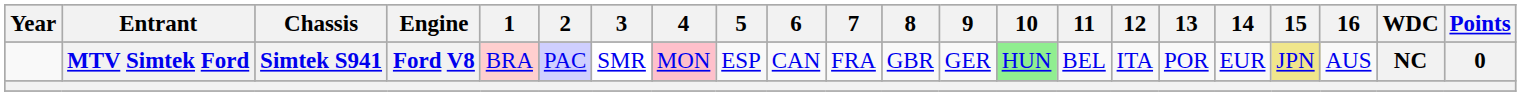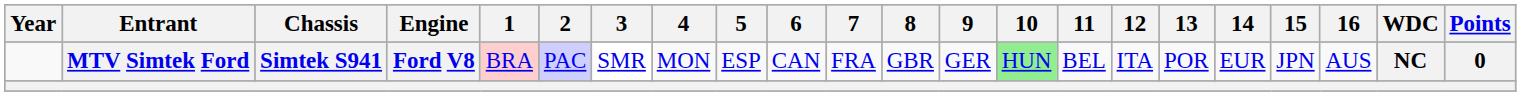 <table class="wikitable" style="text-align:center; font-size:85%">
 <tr>
 <th>Year</th>
 <th>Entrant</th>
 <th>Chassis</th>
 <th>Engine</th>
 <th>1</th>
 <th>2</th>
 <th>3</th>
 <th>4</th>
 <th>5</th>
 <th>6</th>
 <th>7</th>
 <th>8</th>
 <th>9</th>
 <th>10</th>
 <th>11</th>
 <th>12</th>
 <th>13</th>
 <th>14</th>
 <th>15</th>
 <th>16</th>
 <th>WDC</th>
 <th><a href='#'>Points</a></th>
 </tr>
 <tr>
 <td></td>
 <th nowrap><a href='#'>MTV</a> <a href='#'>Simtek</a> <a href='#'>Ford</a></th>
 <th nowrap><a href='#'>Simtek S941</a></th>
 <th nowrap><a href='#'>Ford</a> <a href='#'>V8</a></th>
 <td style="background: #FFCFCF"><a href='#'>BRA</a><br></td>
 <td style="background: #CFCFFF"><a href='#'>PAC</a><br></td>
 <td style="background: white"><a href='#'>SMR</a><br></td>
-<td style="background: pink;"><a href='#'>MON</a></td>
+<td><a href='#'>MON</a></td>
 <td><a href='#'>ESP</a></td>
 <td><a href='#'>CAN</a></td>
 <td><a href='#'>FRA</a></td>
 <td><a href='#'>GBR</a></td>
 <td><a href='#'>GER</a></td>
 <td style="background: lightgreen;"><a href='#'>HUN</a></td>
 <td><a href='#'>BEL</a></td>
 <td><a href='#'>ITA</a></td>
 <td><a href='#'>POR</a></td>
 <td><a href='#'>EUR</a></td>
-<td style="background: khaki;"><a href='#'>JPN</a></td>
+<td><a href='#'>JPN</a></td>
 <td><a href='#'>AUS</a></td>
 <th>NC</th>
 <th>0</th>
 </tr>
 <tr>
 <th colspan="22"></th>
 </tr>
 </table>
